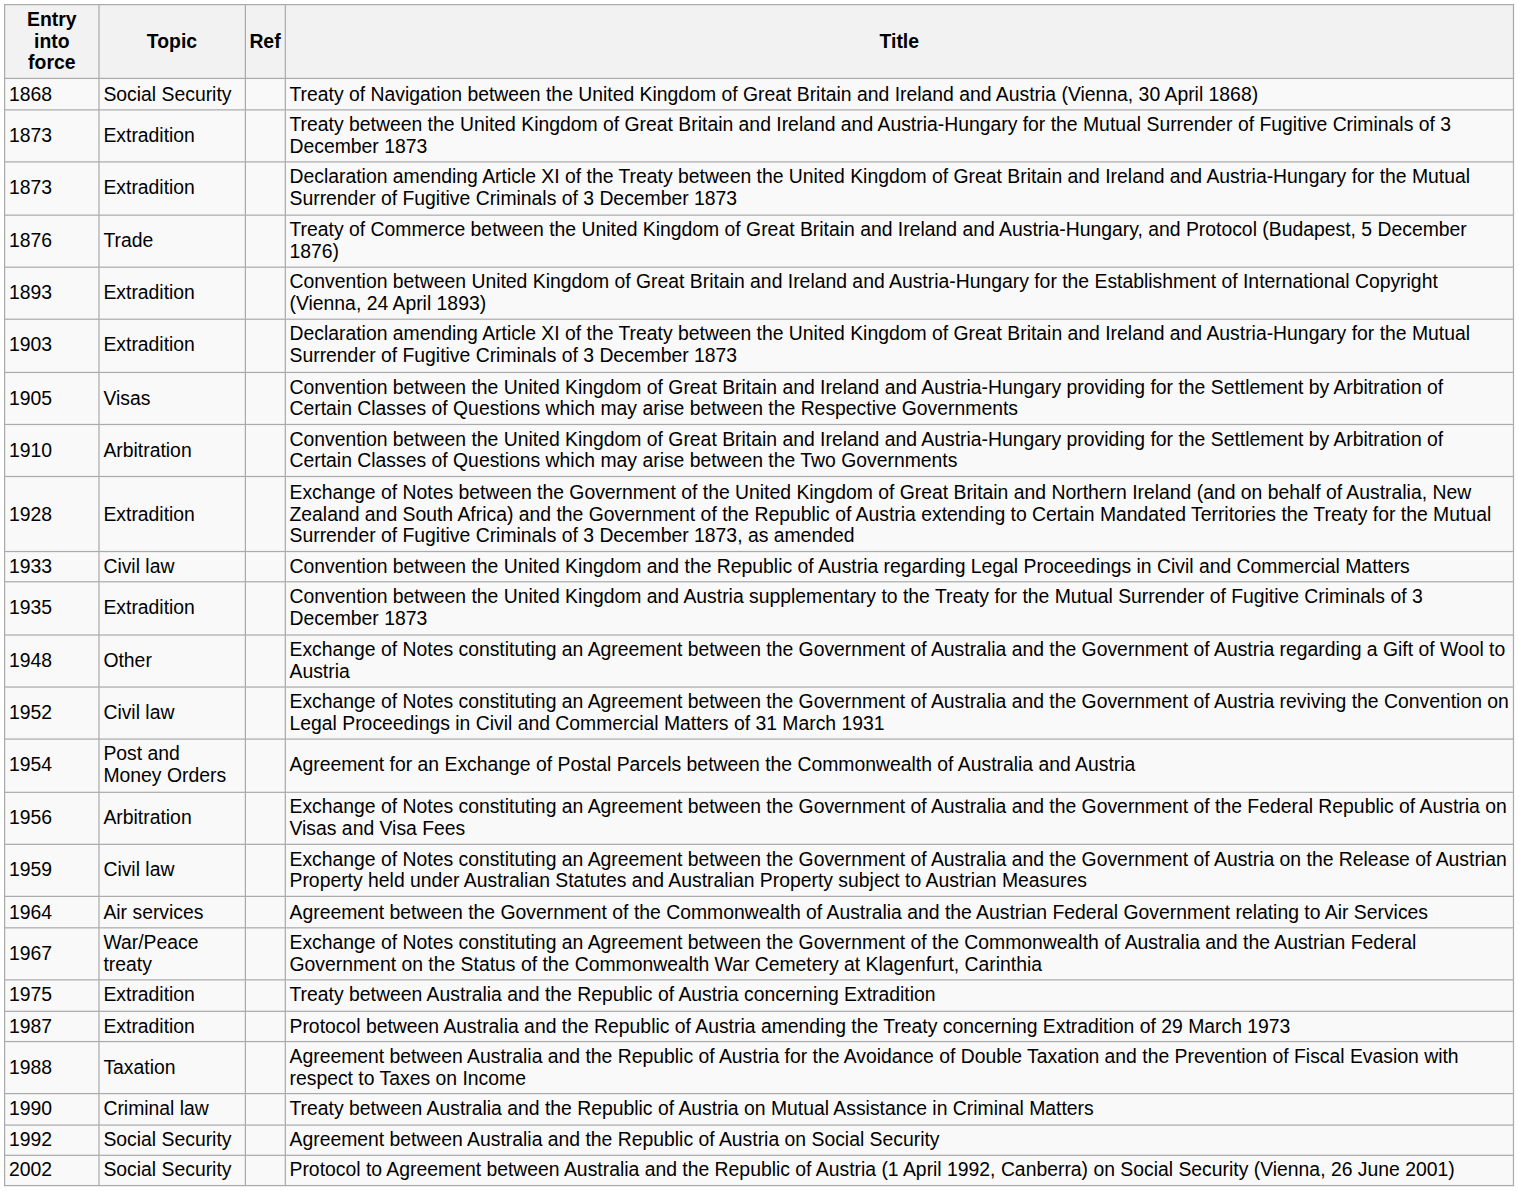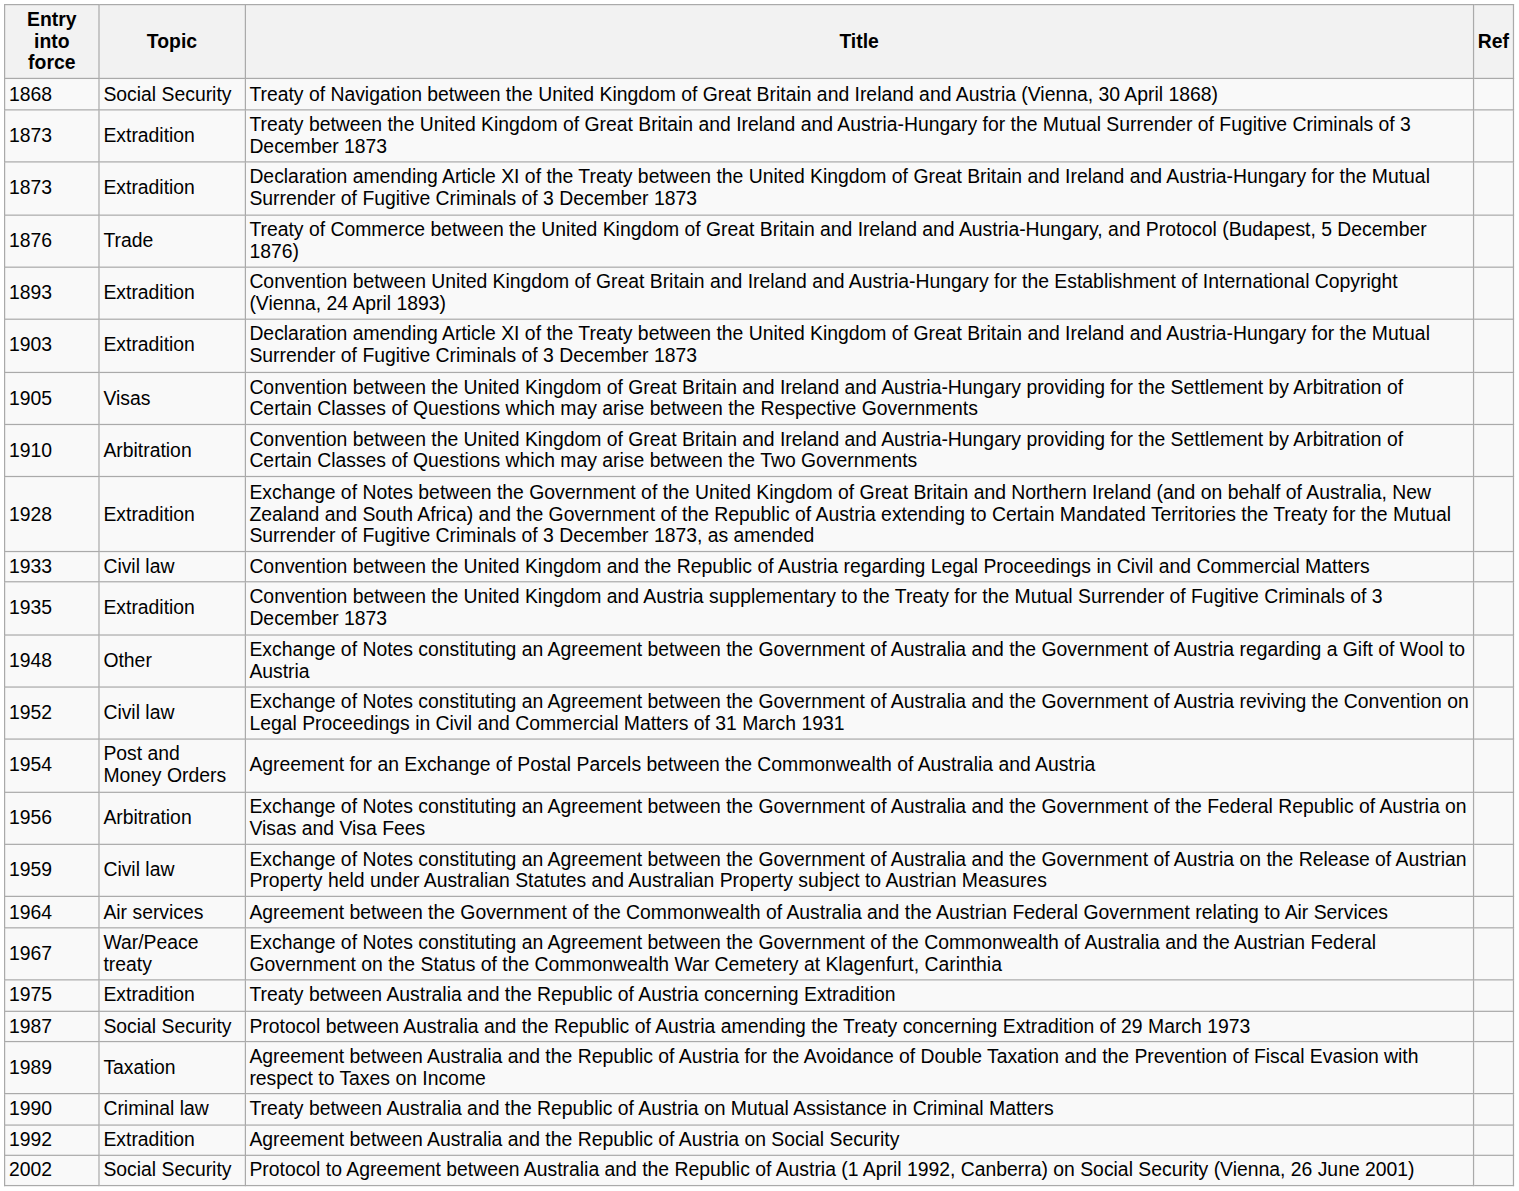 <table class="wikitable sortable">
 <tr>
 <th>Entry into force</th>
 <th>Topic</th>
+<th>Title</th>
 <th>Ref</th>
-<th>Title</th>
 </tr>
 <tr>
 <td>1868</td>
 <td>Social Security</td>
+<td>Treaty of Navigation between the United Kingdom of Great Britain and Ireland and Austria (Vienna, 30 April 1868)</td>
 <td></td>
-<td>Treaty of Navigation between the United Kingdom of Great Britain and Ireland and Austria (Vienna, 30 April 1868)</td>
 </tr>
 <tr>
 <td>1873</td>
 <td>Extradition</td>
+<td>Treaty between the United Kingdom of Great Britain and Ireland and Austria-Hungary for the Mutual Surrender of Fugitive Criminals of 3 December 1873</td>
 <td></td>
-<td>Treaty between the United Kingdom of Great Britain and Ireland and Austria-Hungary for the Mutual Surrender of Fugitive Criminals of 3 December 1873</td>
 </tr>
 <tr>
 <td>1873</td>
 <td>Extradition</td>
+<td>Declaration amending Article XI of the Treaty between the United Kingdom of Great Britain and Ireland and Austria-Hungary for the Mutual Surrender of Fugitive Criminals of 3 December 1873</td>
 <td></td>
-<td>Declaration amending Article XI of the Treaty between the United Kingdom of Great Britain and Ireland and Austria-Hungary for the Mutual Surrender of Fugitive Criminals of 3 December 1873</td>
 </tr>
 <tr>
 <td>1876</td>
 <td>Trade</td>
+<td>Treaty of Commerce between the United Kingdom of Great Britain and Ireland and Austria-Hungary, and Protocol (Budapest, 5 December 1876)</td>
 <td></td>
-<td>Treaty of Commerce between the United Kingdom of Great Britain and Ireland and Austria-Hungary, and Protocol (Budapest, 5 December 1876)</td>
 </tr>
 <tr>
 <td>1893</td>
 <td>Extradition</td>
+<td>Convention between United Kingdom of Great Britain and Ireland and Austria-Hungary for the Establishment of International Copyright (Vienna, 24 April 1893)</td>
 <td></td>
-<td>Convention between United Kingdom of Great Britain and Ireland and Austria-Hungary for the Establishment of International Copyright (Vienna, 24 April 1893)</td>
 </tr>
 <tr>
 <td>1903</td>
 <td>Extradition</td>
+<td>Declaration amending Article XI of the Treaty between the United Kingdom of Great Britain and Ireland and Austria-Hungary for the Mutual Surrender of Fugitive Criminals of 3 December 1873</td>
 <td></td>
-<td>Declaration amending Article XI of the Treaty between the United Kingdom of Great Britain and Ireland and Austria-Hungary for the Mutual Surrender of Fugitive Criminals of 3 December 1873</td>
 </tr>
 <tr>
 <td>1905</td>
 <td>Visas</td>
+<td>Convention between the United Kingdom of Great Britain and Ireland and Austria-Hungary providing for the Settlement by Arbitration of Certain Classes of Questions which may arise between the Respective Governments</td>
 <td></td>
-<td>Convention between the United Kingdom of Great Britain and Ireland and Austria-Hungary providing for the Settlement by Arbitration of Certain Classes of Questions which may arise between the Respective Governments</td>
 </tr>
 <tr>
 <td>1910</td>
 <td>Arbitration</td>
+<td>Convention between the United Kingdom of Great Britain and Ireland and Austria-Hungary providing for the Settlement by Arbitration of Certain Classes of Questions which may arise between the Two Governments</td>
 <td></td>
-<td>Convention between the United Kingdom of Great Britain and Ireland and Austria-Hungary providing for the Settlement by Arbitration of Certain Classes of Questions which may arise between the Two Governments</td>
 </tr>
 <tr>
 <td>1928</td>
 <td>Extradition</td>
+<td>Exchange of Notes between the Government of the United Kingdom of Great Britain and Northern Ireland (and on behalf of Australia, New Zealand and South Africa) and the Government of the Republic of Austria extending to Certain Mandated Territories the Treaty for the Mutual Surrender of Fugitive Criminals of 3 December 1873, as amended</td>
 <td></td>
-<td>Exchange of Notes between the Government of the United Kingdom of Great Britain and Northern Ireland (and on behalf of Australia, New Zealand and South Africa) and the Government of the Republic of Austria extending to Certain Mandated Territories the Treaty for the Mutual Surrender of Fugitive Criminals of 3 December 1873, as amended</td>
 </tr>
 <tr>
 <td>1933</td>
 <td>Civil law</td>
+<td>Convention between the United Kingdom and the Republic of Austria regarding Legal Proceedings in Civil and Commercial Matters</td>
 <td></td>
-<td>Convention between the United Kingdom and the Republic of Austria regarding Legal Proceedings in Civil and Commercial Matters</td>
 </tr>
 <tr>
 <td>1935</td>
 <td>Extradition</td>
+<td>Convention between the United Kingdom and Austria supplementary to the Treaty for the Mutual Surrender of Fugitive Criminals of 3 December 1873</td>
 <td></td>
-<td>Convention between the United Kingdom and Austria supplementary to the Treaty for the Mutual Surrender of Fugitive Criminals of 3 December 1873</td>
 </tr>
 <tr>
 <td>1948</td>
 <td>Other</td>
+<td>Exchange of Notes constituting an Agreement between the Government of Australia and the Government of Austria regarding a Gift of Wool to Austria</td>
 <td></td>
-<td>Exchange of Notes constituting an Agreement between the Government of Australia and the Government of Austria regarding a Gift of Wool to Austria</td>
 </tr>
 <tr>
 <td>1952</td>
 <td>Civil law</td>
+<td>Exchange of Notes constituting an Agreement between the Government of Australia and the Government of Austria reviving the Convention on Legal Proceedings in Civil and Commercial Matters of 31 March 1931</td>
 <td></td>
-<td>Exchange of Notes constituting an Agreement between the Government of Australia and the Government of Austria reviving the Convention on Legal Proceedings in Civil and Commercial Matters of 31 March 1931</td>
 </tr>
 <tr>
 <td>1954</td>
 <td>Post and Money Orders</td>
+<td>Agreement for an Exchange of Postal Parcels between the Commonwealth of Australia and Austria</td>
 <td></td>
-<td>Agreement for an Exchange of Postal Parcels between the Commonwealth of Australia and Austria</td>
 </tr>
 <tr>
 <td>1956</td>
 <td>Arbitration</td>
+<td>Exchange of Notes constituting an Agreement between the Government of Australia and the Government of the Federal Republic of Austria on Visas and Visa Fees</td>
 <td></td>
-<td>Exchange of Notes constituting an Agreement between the Government of Australia and the Government of the Federal Republic of Austria on Visas and Visa Fees</td>
 </tr>
 <tr>
 <td>1959</td>
 <td>Civil law</td>
+<td>Exchange of Notes constituting an Agreement between the Government of Australia and the Government of Austria on the Release of Austrian Property held under Australian Statutes and Australian Property subject to Austrian Measures</td>
 <td></td>
-<td>Exchange of Notes constituting an Agreement between the Government of Australia and the Government of Austria on the Release of Austrian Property held under Australian Statutes and Australian Property subject to Austrian Measures</td>
 </tr>
 <tr>
 <td>1964</td>
 <td>Air services</td>
+<td>Agreement between the Government of the Commonwealth of Australia and the Austrian Federal Government relating to Air Services</td>
 <td></td>
-<td>Agreement between the Government of the Commonwealth of Australia and the Austrian Federal Government relating to Air Services</td>
 </tr>
 <tr>
 <td>1967</td>
 <td>War/Peace treaty</td>
+<td>Exchange of Notes constituting an Agreement between the Government of the Commonwealth of Australia and the Austrian Federal Government on the Status of the Commonwealth War Cemetery at Klagenfurt, Carinthia</td>
 <td></td>
-<td>Exchange of Notes constituting an Agreement between the Government of the Commonwealth of Australia and the Austrian Federal Government on the Status of the Commonwealth War Cemetery at Klagenfurt, Carinthia</td>
 </tr>
 <tr>
 <td>1975</td>
 <td>Extradition</td>
+<td>Treaty between Australia and the Republic of Austria concerning Extradition</td>
 <td></td>
-<td>Treaty between Australia and the Republic of Austria concerning Extradition</td>
 </tr>
 <tr>
 <td>1987</td>
-<td>Extradition</td>
+<td>Social Security</td>
+<td>Protocol between Australia and the Republic of Austria amending the Treaty concerning Extradition of 29 March 1973</td>
 <td></td>
-<td>Protocol between Australia and the Republic of Austria amending the Treaty concerning Extradition of 29 March 1973</td>
 </tr>
 <tr>
-<td>1988</td>
+<td>1989</td>
 <td>Taxation</td>
+<td>Agreement between Australia and the Republic of Austria for the Avoidance of Double Taxation and the Prevention of Fiscal Evasion with respect to Taxes on Income</td>
 <td></td>
-<td>Agreement between Australia and the Republic of Austria for the Avoidance of Double Taxation and the Prevention of Fiscal Evasion with respect to Taxes on Income</td>
 </tr>
 <tr>
 <td>1990</td>
 <td>Criminal law</td>
+<td>Treaty between Australia and the Republic of Austria on Mutual Assistance in Criminal Matters</td>
 <td></td>
-<td>Treaty between Australia and the Republic of Austria on Mutual Assistance in Criminal Matters</td>
 </tr>
 <tr>
 <td>1992</td>
-<td>Social Security</td>
+<td>Extradition</td>
+<td>Agreement between Australia and the Republic of Austria on Social Security</td>
 <td></td>
-<td>Agreement between Australia and the Republic of Austria on Social Security</td>
 </tr>
 <tr>
 <td>2002</td>
 <td>Social Security</td>
+<td>Protocol to Agreement between Australia and the Republic of Austria (1 April 1992, Canberra) on Social Security (Vienna, 26 June 2001)</td>
 <td></td>
-<td>Protocol to Agreement between Australia and the Republic of Austria (1 April 1992, Canberra) on Social Security (Vienna, 26 June 2001)</td>
 </tr>
 </table>
